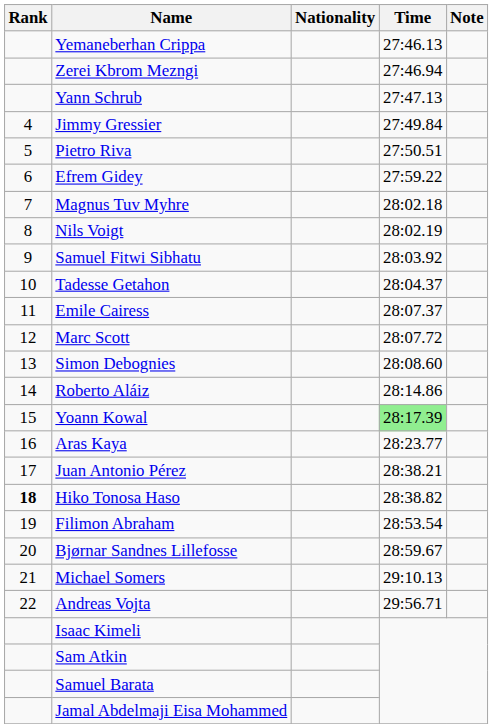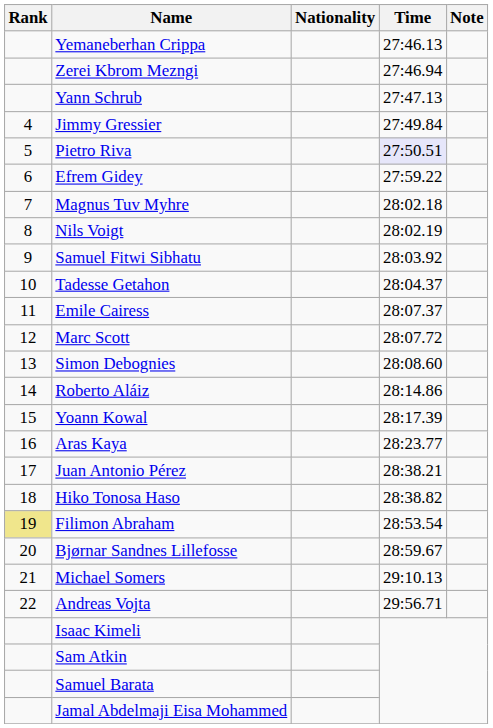 <table class="wikitable sortable"  style="text-align:center">
 <tr>
 <th>Rank</th>
 <th>Name</th>
 <th>Nationality</th>
 <th>Time</th>
 <th>Note</th>
 </tr>
 <tr>
 <td></td>
 <td align=left><a href='#'>Yemaneberhan Crippa</a></td>
 <td align=left></td>
 <td>27:46.13</td>
 <td></td>
 </tr>
 <tr>
 <td></td>
 <td align=left><a href='#'>Zerei Kbrom Mezngi</a></td>
 <td align=left></td>
 <td>27:46.94</td>
 <td></td>
 </tr>
 <tr>
 <td></td>
 <td align=left><a href='#'>Yann Schrub</a></td>
 <td align=left></td>
 <td>27:47.13</td>
 <td></td>
 </tr>
 <tr>
 <td>4</td>
 <td align=left><a href='#'>Jimmy Gressier</a></td>
 <td align=left></td>
 <td>27:49.84</td>
 <td></td>
 </tr>
 <tr>
 <td>5</td>
 <td align=left><a href='#'>Pietro Riva</a></td>
 <td align=left></td>
-<td>27:50.51</td>
+<td style="background: lavender;">27:50.51</td>
 <td></td>
 </tr>
 <tr>
 <td>6</td>
 <td align=left><a href='#'>Efrem Gidey</a></td>
 <td align=left></td>
 <td>27:59.22</td>
 <td></td>
 </tr>
 <tr>
 <td>7</td>
 <td align=left><a href='#'>Magnus Tuv Myhre</a></td>
 <td align=left></td>
 <td>28:02.18</td>
 <td></td>
 </tr>
 <tr>
 <td>8</td>
 <td align=left><a href='#'>Nils Voigt</a></td>
 <td align=left></td>
 <td>28:02.19</td>
 <td></td>
 </tr>
 <tr>
 <td>9</td>
 <td align=left><a href='#'>Samuel Fitwi Sibhatu</a></td>
 <td align=left></td>
 <td>28:03.92</td>
 <td></td>
 </tr>
 <tr>
 <td>10</td>
 <td align=left><a href='#'>Tadesse Getahon</a></td>
 <td align=left></td>
 <td>28:04.37</td>
 <td></td>
 </tr>
 <tr>
 <td>11</td>
 <td align=left><a href='#'>Emile Cairess</a></td>
 <td align=left></td>
 <td>28:07.37</td>
 <td></td>
 </tr>
 <tr>
 <td>12</td>
 <td align=left><a href='#'>Marc Scott</a></td>
 <td align=left></td>
 <td>28:07.72</td>
 <td></td>
 </tr>
 <tr>
 <td>13</td>
 <td align=left><a href='#'>Simon Debognies</a></td>
 <td align=left></td>
 <td>28:08.60</td>
 <td></td>
 </tr>
 <tr>
 <td>14</td>
 <td align=left><a href='#'>Roberto Aláiz</a></td>
 <td align=left></td>
 <td>28:14.86</td>
 <td></td>
 </tr>
 <tr>
 <td>15</td>
 <td align=left><a href='#'>Yoann Kowal</a></td>
 <td align=left></td>
-<td style="background: lightgreen;">28:17.39</td>
+<td>28:17.39</td>
 <td></td>
 </tr>
 <tr>
 <td>16</td>
 <td align=left><a href='#'>Aras Kaya</a></td>
 <td align=left></td>
 <td>28:23.77</td>
 <td></td>
 </tr>
 <tr>
 <td>17</td>
 <td align=left><a href='#'>Juan Antonio Pérez</a></td>
 <td align=left></td>
 <td>28:38.21</td>
 <td></td>
 </tr>
 <tr>
-<td><strong>18</strong></td>
+<td>18</td>
 <td align=left><a href='#'>Hiko Tonosa Haso</a></td>
 <td align=left></td>
 <td>28:38.82</td>
 <td></td>
 </tr>
 <tr>
-<td>19</td>
+<td style="background: khaki;">19</td>
 <td align=left><a href='#'>Filimon Abraham</a></td>
 <td align=left></td>
 <td>28:53.54</td>
 <td></td>
 </tr>
 <tr>
 <td>20</td>
 <td align=left><a href='#'>Bjørnar Sandnes Lillefosse</a></td>
 <td align=left></td>
 <td>28:59.67</td>
 <td></td>
 </tr>
 <tr>
 <td>21</td>
 <td align=left><a href='#'>Michael Somers</a></td>
 <td align=left></td>
 <td>29:10.13</td>
 <td></td>
 </tr>
 <tr>
 <td>22</td>
 <td align=left><a href='#'>Andreas Vojta</a></td>
 <td align=left></td>
 <td>29:56.71</td>
 <td></td>
 </tr>
 <tr>
 <td></td>
 <td align=left><a href='#'>Isaac Kimeli</a></td>
 <td align=left></td>
 <td colspan=2 rowspan=4></td>
 </tr>
 <tr>
 <td></td>
 <td align=left><a href='#'>Sam Atkin</a></td>
 <td align=left></td>
 </tr>
 <tr>
 <td></td>
 <td align=left><a href='#'>Samuel Barata</a></td>
 <td align=left></td>
 </tr>
 <tr>
 <td></td>
 <td align=left><a href='#'>Jamal Abdelmaji Eisa Mohammed</a></td>
 <td align=left></td>
 </tr>
 </table>
